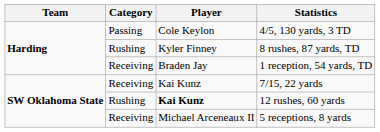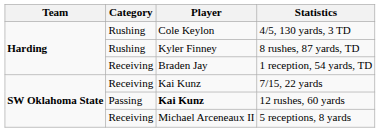 <table class="wikitable" style="float: right;">
 <tr>
 <th>Team</th>
 <th>Category</th>
 <th>Player</th>
 <th>Statistics</th>
 </tr>
 <tr>
 <td rowspan=3><strong>Harding</strong></td>
-<td>Passing</td>
+<td>Rushing</td>
 <td>Cole Keylon</td>
 <td>4/5, 130 yards, 3 TD</td>
 </tr>
 <tr>
 <td>Rushing</td>
 <td>Kyler Finney</td>
 <td>8 rushes, 87 yards, TD</td>
 </tr>
 <tr>
 <td>Receiving</td>
 <td>Braden Jay</td>
 <td>1 reception, 54 yards, TD</td>
 </tr>
 <tr>
 <td rowspan=3><strong>SW Oklahoma State</strong></td>
 <td>Receiving</td>
 <td>Kai Kunz</td>
 <td>7/15, 22 yards</td>
 </tr>
 <tr>
-<td>Rushing</td>
+<td>Passing</td>
 <td><strong>Kai Kunz</strong></td>
 <td>12 rushes, 60 yards</td>
 </tr>
 <tr>
 <td>Receiving</td>
 <td>Michael Arceneaux II</td>
 <td>5 receptions, 8 yards</td>
 </tr>
 </table>
